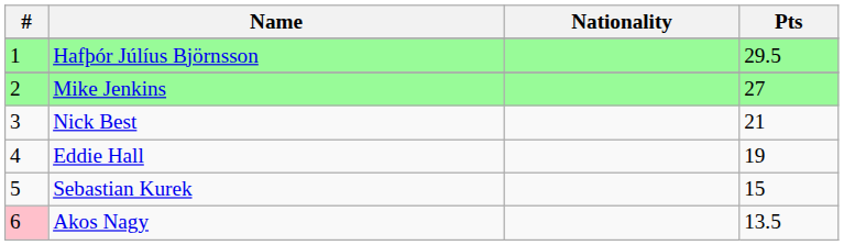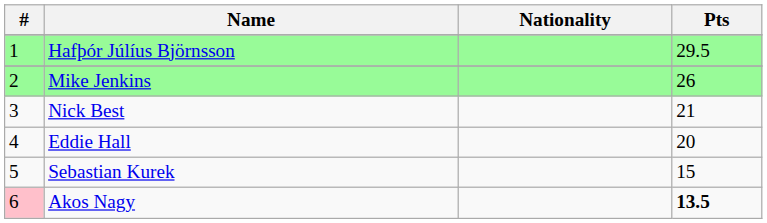 <table class="wikitable" style="display: inline-table; width: 50%;">
 <tr>
 <th>#</th>
 <th>Name</th>
 <th>Nationality</th>
 <th>Pts</th>
 </tr>
 <tr>
 </tr>
 <tr style="background:palegreen;">
 <td>1</td>
 <td><a href='#'>Hafþór Júlíus Björnsson</a></td>
 <td></td>
 <td>29.5</td>
 </tr>
 <tr>
 </tr>
 <tr style="background:palegreen;">
 <td>2</td>
 <td><a href='#'>Mike Jenkins</a></td>
 <td></td>
-<td>27</td>
+<td>26</td>
 </tr>
 <tr>
 <td>3</td>
 <td><a href='#'>Nick Best</a></td>
 <td></td>
 <td>21</td>
 </tr>
 <tr>
 <td>4</td>
 <td><a href='#'>Eddie Hall</a></td>
 <td></td>
-<td>19</td>
+<td>20</td>
 </tr>
 <tr>
 <td>5</td>
 <td><a href='#'>Sebastian Kurek</a></td>
 <td></td>
 <td>15</td>
 </tr>
 <tr>
 <td style="background: pink;">6</td>
 <td><a href='#'>Akos Nagy</a></td>
 <td></td>
-<td>13.5</td>
+<td><strong>13.5</strong></td>
 </tr>
 </table>
